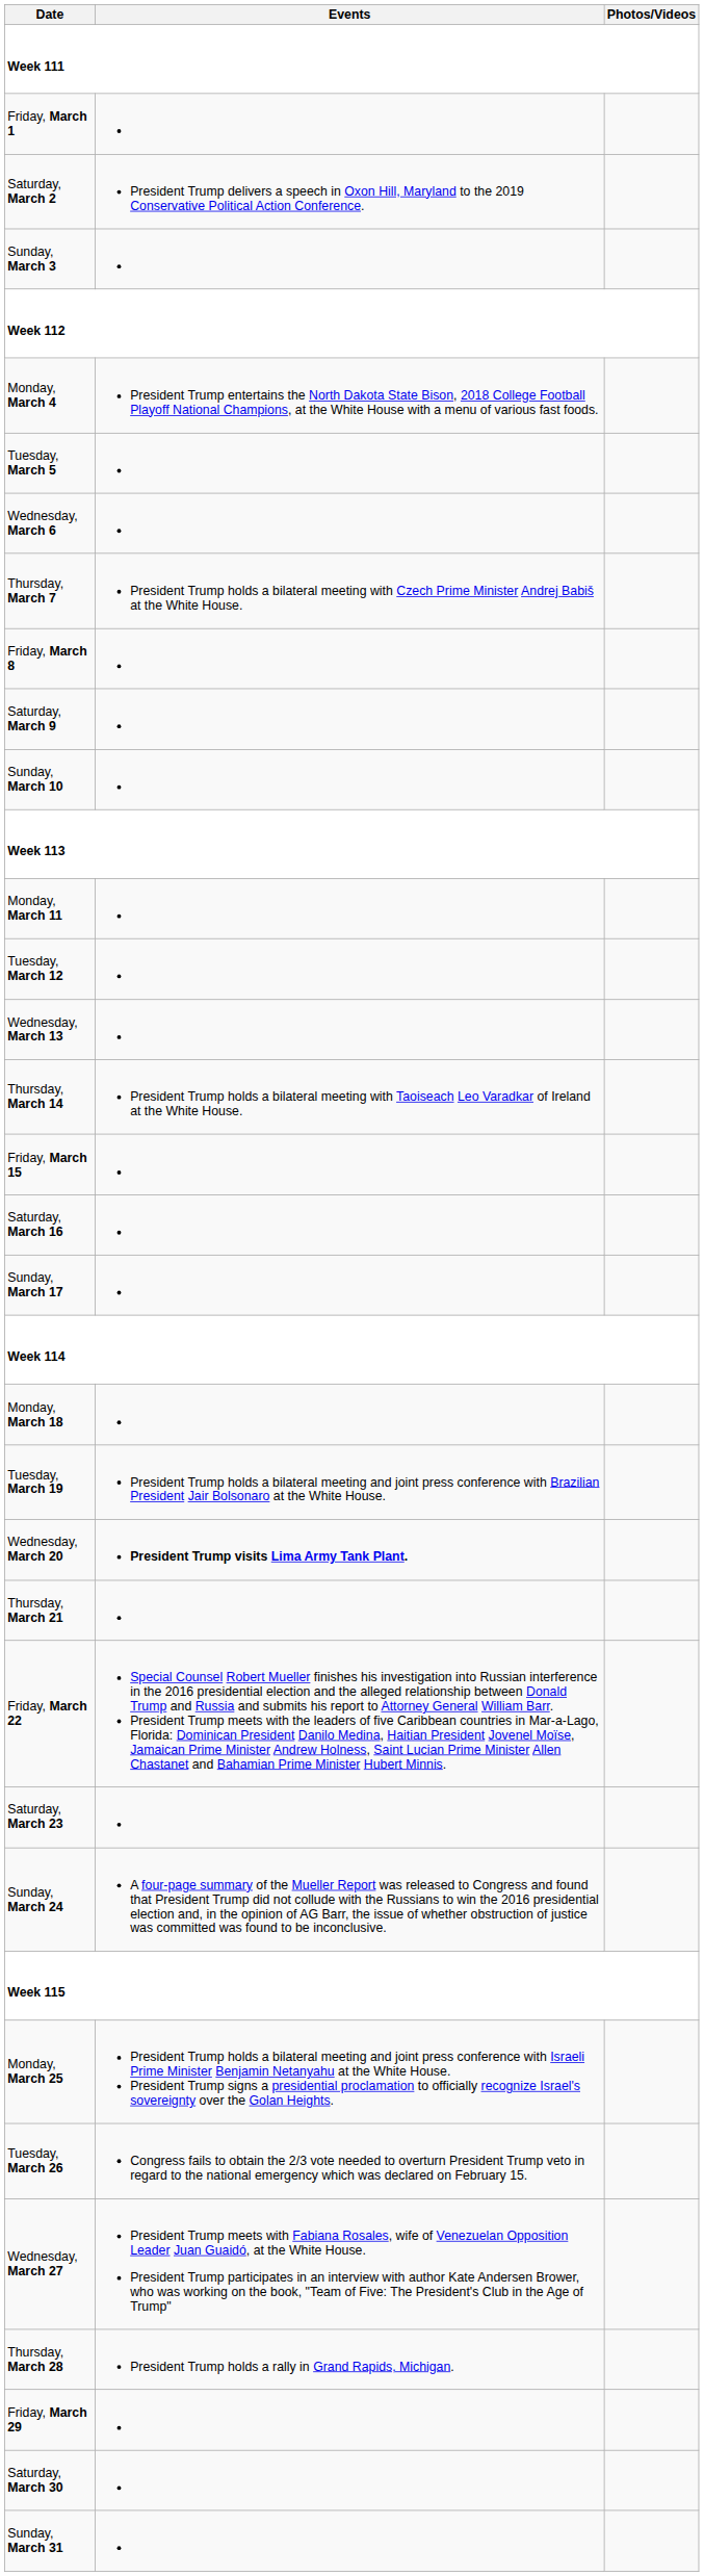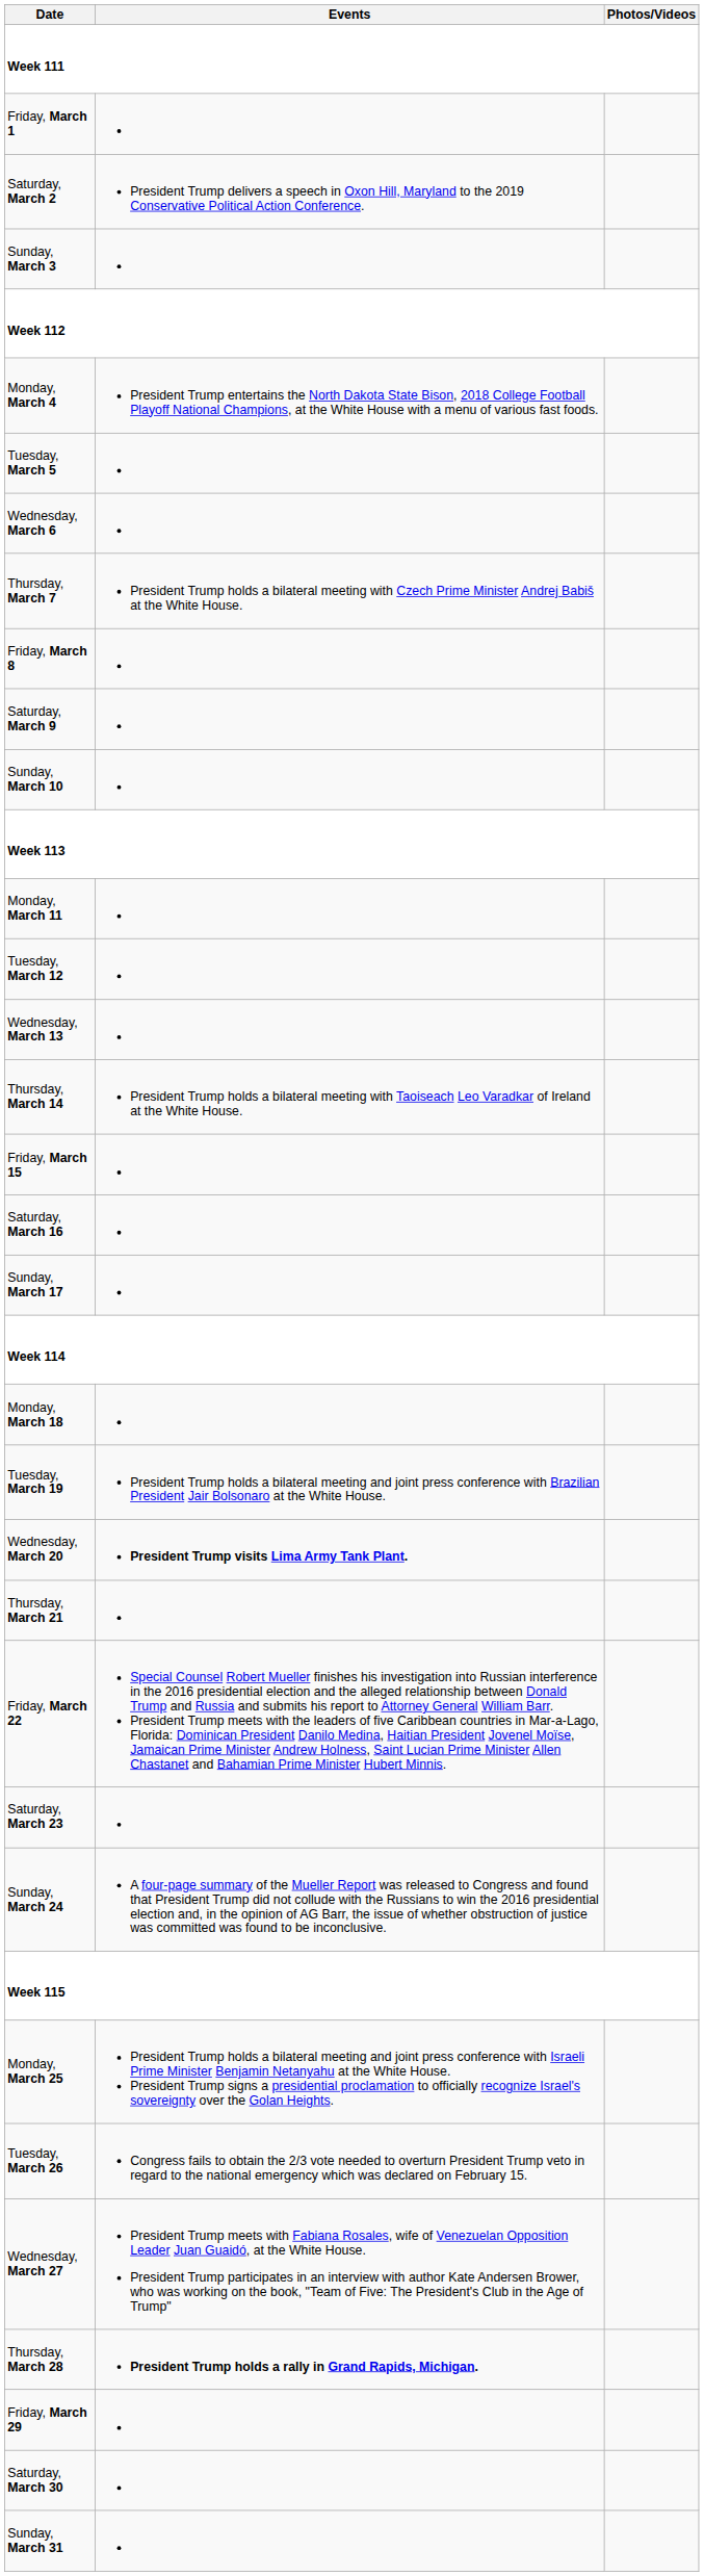 <table class="wikitable">
 <tr>
 <th>Date</th>
 <th>Events</th>
 <th>Photos/Videos</th>
 </tr>
 <tr style="background:white;">
 <td colspan="3"><br><h4>Week 111</h4></td>
 </tr>
 <tr>
 <td>Friday, <strong>March 1</strong></td>
 <td><br><ul><li></li></ul></td>
 <td></td>
 </tr>
 <tr>
 <td>Saturday, <strong>March 2</strong></td>
 <td><br><ul><li>President Trump delivers a speech in <a href='#'>Oxon Hill, Maryland</a> to the 2019 <a href='#'>Conservative Political Action Conference</a>.</li></ul></td>
 <td></td>
 </tr>
 <tr>
 <td>Sunday, <strong>March 3</strong></td>
 <td><br><ul><li></li></ul></td>
 <td></td>
 </tr>
 <tr style="background:white;">
 <td colspan="3"><br><h4>Week 112</h4></td>
 </tr>
 <tr>
 <td>Monday, <strong>March 4</strong></td>
 <td><br><ul><li>President Trump entertains the <a href='#'>North Dakota State Bison</a>, <a href='#'>2018 College Football Playoff National Champions</a>, at the White House with a menu of various fast foods.</li></ul></td>
 <td></td>
 </tr>
 <tr>
 <td>Tuesday, <strong>March 5</strong></td>
 <td><br><ul><li></li></ul></td>
 <td></td>
 </tr>
 <tr>
 <td>Wednesday, <strong>March 6</strong></td>
 <td><br><ul><li></li></ul></td>
 <td></td>
 </tr>
 <tr>
 <td>Thursday, <strong>March 7</strong></td>
 <td><br><ul><li>President Trump holds a bilateral meeting with <a href='#'>Czech Prime Minister</a> <a href='#'>Andrej Babiš</a> at the White House.</li></ul></td>
 <td></td>
 </tr>
 <tr>
 <td>Friday, <strong>March 8</strong></td>
 <td><br><ul><li></li></ul></td>
 <td></td>
 </tr>
 <tr>
 <td>Saturday, <strong>March 9</strong></td>
 <td><br><ul><li></li></ul></td>
 <td></td>
 </tr>
 <tr>
 <td>Sunday, <strong>March 10</strong></td>
 <td><br><ul><li></li></ul></td>
 <td></td>
 </tr>
 <tr style="background:white;">
 <td colspan="3"><br><h4>Week 113</h4></td>
 </tr>
 <tr>
 <td>Monday, <strong>March 11</strong></td>
 <td><br><ul><li></li></ul></td>
 <td></td>
 </tr>
 <tr>
 <td>Tuesday, <strong>March 12</strong></td>
 <td><br><ul><li></li></ul></td>
 <td></td>
 </tr>
 <tr>
 <td>Wednesday, <strong>March 13</strong></td>
 <td><br><ul><li></li></ul></td>
 <td></td>
 </tr>
 <tr>
 <td>Thursday, <strong>March 14</strong></td>
 <td><br><ul><li>President Trump holds a bilateral meeting with <a href='#'>Taoiseach</a> <a href='#'>Leo Varadkar</a> of Ireland at the White House.</li></ul></td>
 <td></td>
 </tr>
 <tr>
 <td>Friday, <strong>March 15</strong></td>
 <td><br><ul><li></li></ul></td>
 <td></td>
 </tr>
 <tr>
 <td>Saturday, <strong>March 16</strong></td>
 <td><br><ul><li></li></ul></td>
 <td></td>
 </tr>
 <tr>
 <td>Sunday, <strong>March 17</strong></td>
 <td><br><ul><li></li></ul></td>
 <td></td>
 </tr>
 <tr style="background:white;">
 <td colspan="3"><br><h4>Week 114</h4></td>
 </tr>
 <tr>
 <td>Monday, <strong>March 18</strong></td>
 <td><br><ul><li></li></ul></td>
 <td></td>
 </tr>
 <tr>
 <td>Tuesday, <strong>March 19</strong></td>
 <td><br><ul><li>President Trump holds a bilateral meeting and joint press conference with <a href='#'>Brazilian President</a> <a href='#'>Jair Bolsonaro</a> at the White House.</li></ul></td>
 <td></td>
 </tr>
 <tr>
 <td>Wednesday, <strong>March 20</strong></td>
 <td><strong><br><ul><li>President Trump visits <a href='#'>Lima Army Tank Plant</a>.</li></ul></strong></td>
 <td></td>
 </tr>
 <tr>
 <td>Thursday, <strong>March 21</strong></td>
 <td><br><ul><li></li></ul></td>
 <td></td>
 </tr>
 <tr>
 <td>Friday, <strong>March 22</strong></td>
 <td><br><ul><li><a href='#'>Special Counsel</a> <a href='#'>Robert Mueller</a> finishes his investigation into Russian interference in the 2016 presidential election and the alleged relationship between <a href='#'>Donald Trump</a> and <a href='#'>Russia</a> and submits his report to <a href='#'>Attorney General</a> <a href='#'>William Barr</a>.</li><li>President Trump meets with the leaders of five Caribbean countries in Mar-a-Lago, Florida: <a href='#'>Dominican President</a> <a href='#'>Danilo Medina</a>, <a href='#'>Haitian President</a> <a href='#'>Jovenel Moïse</a>, <a href='#'>Jamaican Prime Minister</a> <a href='#'>Andrew Holness</a>, <a href='#'>Saint Lucian Prime Minister</a> <a href='#'>Allen Chastanet</a> and <a href='#'>Bahamian Prime Minister</a> <a href='#'>Hubert Minnis</a>.</li></ul></td>
 <td></td>
 </tr>
 <tr>
 <td>Saturday, <strong>March 23</strong></td>
 <td><br><ul><li></li></ul></td>
 <td></td>
 </tr>
 <tr>
 <td>Sunday, <strong>March 24</strong></td>
 <td><br><ul><li>A <a href='#'>four-page summary</a> of the <a href='#'>Mueller Report</a> was released to Congress and found that President Trump did not collude with the Russians to win the 2016 presidential election and, in the opinion of AG Barr, the issue of whether obstruction of justice was committed was found to be inconclusive.</li></ul></td>
 <td></td>
 </tr>
 <tr style="background:white;">
 <td colspan="3"><br><h4>Week 115</h4></td>
 </tr>
 <tr>
 <td>Monday, <strong>March 25</strong></td>
 <td><br><ul><li>President Trump holds a bilateral meeting and joint press conference with <a href='#'>Israeli Prime Minister</a> <a href='#'>Benjamin Netanyahu</a> at the White House.</li><li>President Trump signs a <a href='#'>presidential proclamation</a> to officially <a href='#'>recognize Israel's sovereignty</a> over the <a href='#'>Golan Heights</a>.</li></ul></td>
 <td></td>
 </tr>
 <tr>
 <td>Tuesday, <strong>March 26</strong></td>
 <td><br><ul><li>Congress fails to obtain the 2/3 vote needed to overturn President Trump veto in regard to the national emergency which was declared on February 15.</li></ul></td>
 <td></td>
 </tr>
 <tr>
 <td>Wednesday, <strong>March 27</strong></td>
 <td><br><ul><li>President Trump meets with <a href='#'>Fabiana Rosales</a>, wife of <a href='#'>Venezuelan Opposition Leader</a> <a href='#'>Juan Guaidó</a>, at the White House.</li></ul><ul><li>President Trump participates in an interview with author Kate Andersen Brower, who was working on the book, "Team of Five: The President's Club in the Age of Trump" </li></ul></td>
 <td></td>
 </tr>
 <tr>
 <td>Thursday, <strong>March 28</strong></td>
-<td><br><ul><li>President Trump holds a rally in <a href='#'>Grand Rapids, Michigan</a>.</li></ul></td>
+<td><strong><br><ul><li>President Trump holds a rally in <a href='#'>Grand Rapids, Michigan</a>.</li></ul></strong></td>
 <td></td>
 </tr>
 <tr>
 <td>Friday, <strong>March 29</strong></td>
 <td><br><ul><li></li></ul></td>
 <td></td>
 </tr>
 <tr>
 <td>Saturday, <strong>March 30</strong></td>
 <td><br><ul><li></li></ul></td>
 <td></td>
 </tr>
 <tr>
 <td>Sunday, <strong>March 31</strong></td>
 <td><br><ul><li></li></ul></td>
 <td></td>
 </tr>
 </table>
